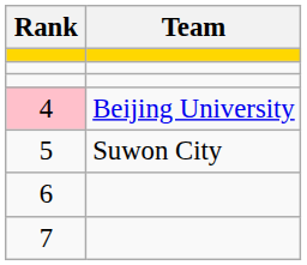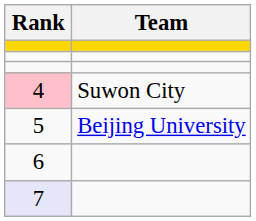 <table class="wikitable" style="text-align: center;">
 <tr>
 <th width=40>Rank</th>
 <th>Team</th>
 </tr>
 <tr bgcolor=gold>
 <td></td>
 <td align=left></td>
 </tr>
 <tr>
 <td></td>
 <td align=left></td>
 </tr>
 <tr>
 <td></td>
 <td align=left></td>
 </tr>
 <tr>
 <td style="background: pink;">4</td>
-<td align=left> <a href='#'>Beijing University</a></td>
+<td align=left> Suwon City</td>
 </tr>
 <tr>
 <td>5</td>
-<td align=left> Suwon City</td>
+<td align=left> <a href='#'>Beijing University</a></td>
 </tr>
 <tr>
 <td>6</td>
 <td align=left></td>
 </tr>
 <tr>
-<td>7</td>
+<td style="background: lavender;">7</td>
 <td align=left></td>
 </tr>
 </table>
